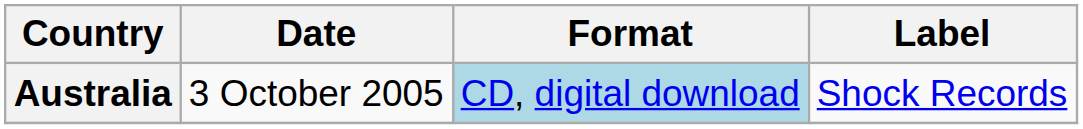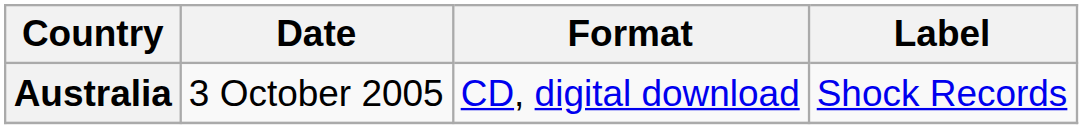 <table class="wikitable plainrowheaders">
 <tr>
 <th scope="col">Country</th>
 <th scope="col">Date</th>
 <th scope="col">Format</th>
 <th scope="col">Label</th>
 </tr>
 <tr>
 <th scope="row">Australia</th>
 <td>3 October 2005</td>
-<td style="background: lightblue;"><a href='#'>CD</a>, <a href='#'>digital download</a></td>
+<td><a href='#'>CD</a>, <a href='#'>digital download</a></td>
 <td><a href='#'>Shock Records</a></td>
 </tr>
 <tr>
 </tr>
 </table>
